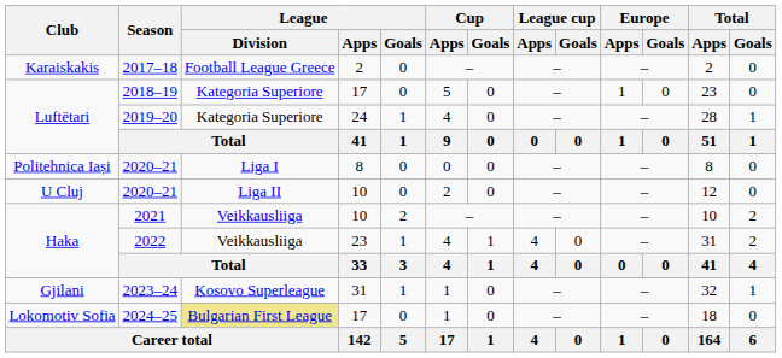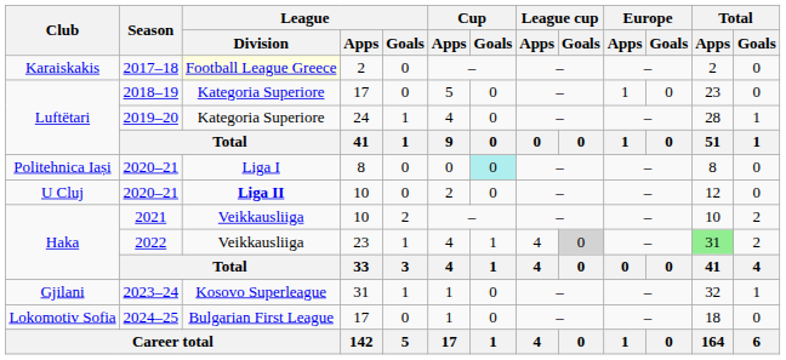 <table class="wikitable" style="text-align:center">
 <tr>
 <th rowspan="2">Club</th>
 <th rowspan="2">Season</th>
 <th colspan="3">League</th>
 <th colspan="2">Cup</th>
 <th colspan="2">League cup</th>
 <th colspan="2">Europe</th>
 <th colspan="2">Total</th>
 </tr>
 <tr>
 <th>Division</th>
 <th>Apps</th>
 <th>Goals</th>
 <th>Apps</th>
 <th>Goals</th>
 <th>Apps</th>
 <th>Goals</th>
 <th>Apps</th>
 <th>Goals</th>
 <th>Apps</th>
 <th>Goals</th>
 </tr>
 <tr>
 <td><a href='#'>Karaiskakis</a></td>
 <td><a href='#'>2017–18</a></td>
-<td><a href='#'>Football League Greece</a></td>
+<td style="background: lightyellow;"><a href='#'>Football League Greece</a></td>
 <td>2</td>
 <td>0</td>
 <td colspan=2>–</td>
 <td colspan=2>–</td>
 <td colspan=2>–</td>
 <td>2</td>
 <td>0</td>
 </tr>
 <tr>
 <td rowspan=3><a href='#'>Luftëtari</a></td>
 <td><a href='#'>2018–19</a></td>
 <td><a href='#'>Kategoria Superiore</a></td>
 <td>17</td>
 <td>0</td>
 <td>5</td>
 <td>0</td>
 <td colspan=2>–</td>
 <td>1</td>
 <td>0</td>
 <td>23</td>
 <td>0</td>
 </tr>
 <tr>
 <td><a href='#'>2019–20</a></td>
 <td>Kategoria Superiore</td>
 <td>24</td>
 <td>1</td>
 <td>4</td>
 <td>0</td>
 <td colspan=2>–</td>
 <td colspan=2>–</td>
 <td>28</td>
 <td>1</td>
 </tr>
 <tr>
 <th colspan=2>Total</th>
 <th>41</th>
 <th>1</th>
 <th>9</th>
 <th>0</th>
 <th>0</th>
 <th>0</th>
 <th>1</th>
 <th>0</th>
 <th>51</th>
 <th>1</th>
 </tr>
 <tr>
 <td><a href='#'>Politehnica Iași</a></td>
 <td><a href='#'>2020–21</a></td>
 <td><a href='#'>Liga I</a></td>
 <td>8</td>
 <td>0</td>
 <td>0</td>
-<td>0</td>
+<td style="background: paleturquoise;">0</td>
 <td colspan=2>–</td>
 <td colspan=2>–</td>
 <td>8</td>
 <td>0</td>
 </tr>
 <tr>
 <td><a href='#'>U Cluj</a></td>
 <td><a href='#'>2020–21</a></td>
-<td><a href='#'>Liga II</a></td>
+<td><strong><a href='#'>Liga II</a></strong></td>
 <td>10</td>
 <td>0</td>
 <td>2</td>
 <td>0</td>
 <td colspan=2>–</td>
 <td colspan=2>–</td>
 <td>12</td>
 <td>0</td>
 </tr>
 <tr>
 <td rowspan=3><a href='#'>Haka</a></td>
 <td><a href='#'>2021</a></td>
 <td><a href='#'>Veikkausliiga</a></td>
 <td>10</td>
 <td>2</td>
 <td colspan=2>–</td>
 <td colspan=2>–</td>
 <td colspan=2>–</td>
 <td>10</td>
 <td>2</td>
 </tr>
 <tr>
 <td><a href='#'>2022</a></td>
 <td>Veikkausliiga</td>
 <td>23</td>
 <td>1</td>
 <td>4</td>
 <td>1</td>
 <td>4</td>
-<td>0</td>
+<td style="background: lightgrey;">0</td>
 <td colspan=2>–</td>
-<td>31</td>
+<td style="background: lightgreen;">31</td>
 <td>2</td>
 </tr>
 <tr>
 <th colspan=2>Total</th>
 <th>33</th>
 <th>3</th>
 <th>4</th>
 <th>1</th>
 <th>4</th>
 <th>0</th>
 <th>0</th>
 <th>0</th>
 <th>41</th>
 <th>4</th>
 </tr>
 <tr>
 <td><a href='#'>Gjilani</a></td>
 <td><a href='#'>2023–24</a></td>
 <td><a href='#'>Kosovo Superleague</a></td>
 <td>31</td>
 <td>1</td>
 <td>1</td>
 <td>0</td>
 <td colspan=2>–</td>
 <td colspan=2>–</td>
 <td>32</td>
 <td>1</td>
 </tr>
 <tr>
 <td><a href='#'>Lokomotiv Sofia</a></td>
 <td><a href='#'>2024–25</a></td>
-<td style="background: khaki;"><a href='#'>Bulgarian First League</a></td>
+<td><a href='#'>Bulgarian First League</a></td>
 <td>17</td>
 <td>0</td>
 <td>1</td>
 <td>0</td>
 <td colspan=2>–</td>
 <td colspan=2>–</td>
 <td>18</td>
 <td>0</td>
 </tr>
 <tr>
 <th colspan="3">Career total</th>
 <th>142</th>
 <th>5</th>
 <th>17</th>
 <th>1</th>
 <th>4</th>
 <th>0</th>
 <th>1</th>
 <th>0</th>
 <th>164</th>
 <th>6</th>
 </tr>
 </table>
